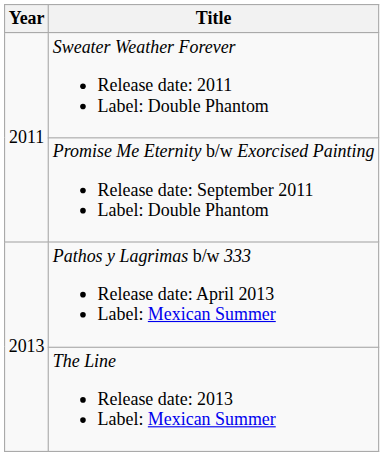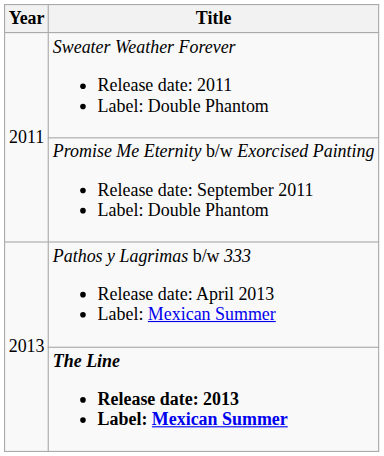 <table class="wikitable" style=text-align:center;>
 <tr>
 <th rowspan="1">Year</th>
 <th>Title</th>
 </tr>
 <tr>
 <td rowspan="2">2011</td>
 <td align="left"><em>Sweater Weather Forever</em><br><ul><li>Release date: 2011</li><li>Label: Double Phantom</li></ul></td>
 </tr>
 <tr>
 <td align="left"><em>Promise Me Eternity</em> b/w <em>Exorcised Painting</em><br><ul><li>Release date: September 2011</li><li>Label: Double Phantom</li></ul></td>
 </tr>
 <tr>
 <td rowspan="2">2013</td>
 <td align="left"><em>Pathos y Lagrimas</em> b/w <em>333</em><br><ul><li>Release date: April 2013</li><li>Label: <a href='#'>Mexican Summer</a></li></ul></td>
 </tr>
 <tr>
-<td align="left"><em>The Line</em><br><ul><li>Release date: 2013</li><li>Label: <a href='#'>Mexican Summer</a></li></ul></td>
+<td align="left"><strong><em>The Line</em><br><ul><li>Release date: 2013</li><li>Label: <a href='#'>Mexican Summer</a></li></ul></strong></td>
 </tr>
 </table>
